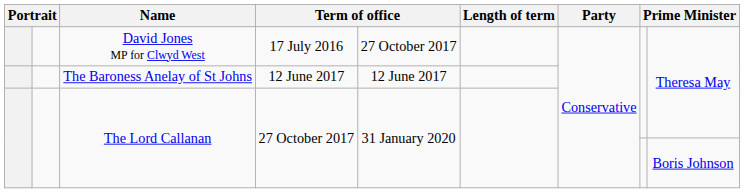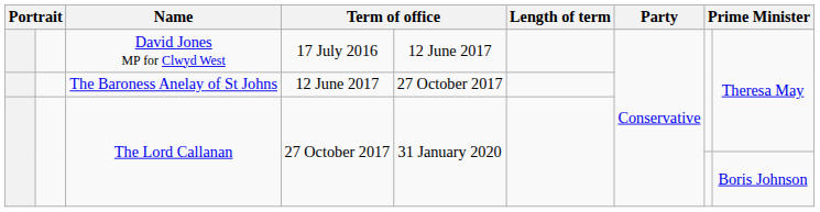 <table class="wikitable" style="text-align:center">
 <tr>
 <th colspan="2">Portrait</th>
 <th>Name</th>
 <th colspan="2">Term of office</th>
 <th>Length of term</th>
 <th>Party</th>
 <th colspan="2">Prime Minister</th>
 </tr>
 <tr>
 <th style="background-color: "></th>
 <td></td>
 <td><a href='#'>David Jones</a><br><small>MP for <a href='#'>Clwyd West</a></small></td>
 <td>17 July 2016</td>
-<td>27 October 2017</td>
+<td>12 June 2017</td>
 <td></td>
 <td rowspan="4"><a href='#'>Conservative</a></td>
 <td rowspan="3" style="background-color: "></td>
 <td rowspan="3"><a href='#'>Theresa May</a></td>
 </tr>
 <tr>
 <th style="background-color: "></th>
 <td></td>
 <td><a href='#'>The Baroness Anelay of St Johns</a></td>
 <td>12 June 2017</td>
-<td>12 June 2017</td>
+<td>27 October 2017</td>
 <td></td>
 </tr>
 <tr style=height:3.5em>
 <th rowspan="2" style="background-color: "></th>
 <td rowspan="2"></td>
 <td rowspan="2"><a href='#'>The Lord Callanan</a></td>
 <td rowspan="2">27 October 2017</td>
 <td rowspan="2">31 January 2020</td>
 <td rowspan="2"></td>
 </tr>
 <tr style=height:3.5em>
 <td style="background-color: "></td>
 <td><a href='#'>Boris Johnson</a></td>
 </tr>
 </table>
